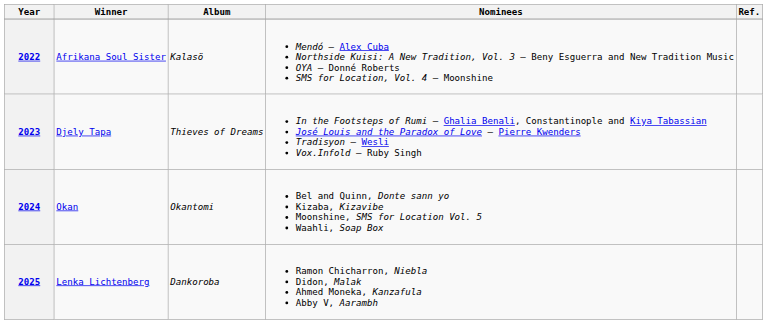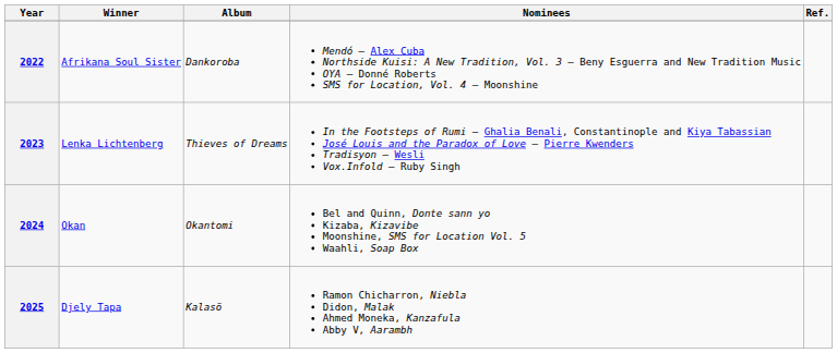 <table class="wikitable sortable">
 <tr>
 <th scope="col" style="width:5em;">Year</th>
 <th scope="col">Winner</th>
 <th scope="col">Album</th>
 <th scope="col" class="unsortable">Nominees</th>
 <th scope="col" class="unsortable">Ref.</th>
 </tr>
 <tr>
 </tr>
 <tr>
 <th style="text-align:center;" scope="row"><a href='#'>2022</a></th>
 <td><a href='#'>Afrikana Soul Sister</a></td>
-<td><em>Kalasö</em></td>
+<td><em>Dankoroba</em></td>
 <td><br><ul><li><em>Mendó</em> — <a href='#'>Alex Cuba</a></li><li><em>Northside Kuisi: A New Tradition, Vol. 3</em> — Beny Esguerra and New Tradition Music</li><li><em>OYA</em> — Donné Roberts</li><li><em>SMS for Location, Vol. 4</em> — Moonshine</li></ul></td>
 <td align="center"></td>
 </tr>
 <tr>
 <th scope="row"><a href='#'>2023</a></th>
-<td><a href='#'>Djely Tapa</a></td>
+<td><a href='#'>Lenka Lichtenberg</a></td>
 <td><em>Thieves of Dreams</em></td>
 <td><br><ul><li><em>In the Footsteps of Rumi</em> — <a href='#'>Ghalia Benali</a>, Constantinople and <a href='#'>Kiya Tabassian</a></li><li><em><a href='#'>José Louis and the Paradox of Love</a></em> — <a href='#'>Pierre Kwenders</a></li><li><em>Tradisyon</em> — <a href='#'>Wesli</a></li><li><em>Vox.Infold</em> — Ruby Singh</li></ul></td>
 <td align="center"></td>
 </tr>
 <tr>
 <th scope="row"><a href='#'>2024</a></th>
 <td><a href='#'>Okan</a></td>
 <td><em>Okantomi</em></td>
 <td><br><ul><li>Bel and Quinn, <em>Donte sann yo</em></li><li>Kizaba, <em>Kizavibe</em></li><li>Moonshine, <em>SMS for Location Vol. 5</em></li><li>Waahli, <em>Soap Box</em></li></ul></td>
 <td align="center"></td>
 </tr>
 <tr>
 <th scope="row"><a href='#'>2025</a></th>
-<td><a href='#'>Lenka Lichtenberg</a></td>
-<td><em>Dankoroba</em></td>
+<td><a href='#'>Djely Tapa</a></td>
+<td><em>Kalasö</em></td>
 <td><br><ul><li>Ramon Chicharron, <em>Niebla</em></li><li>Didon, <em>Malak</em></li><li>Ahmed Moneka, <em>Kanzafula</em></li><li>Abby V, <em>Aarambh</em></li></ul></td>
 <td align="center"></td>
 </tr>
 </table>
